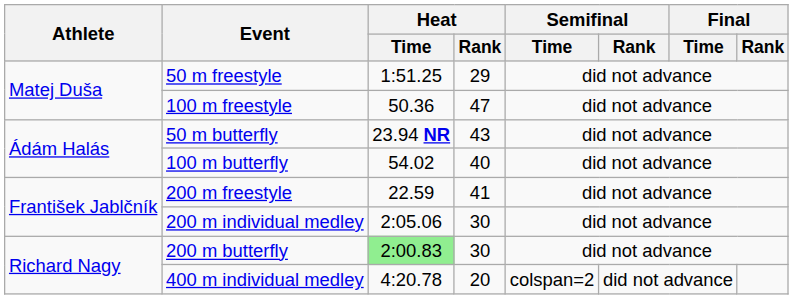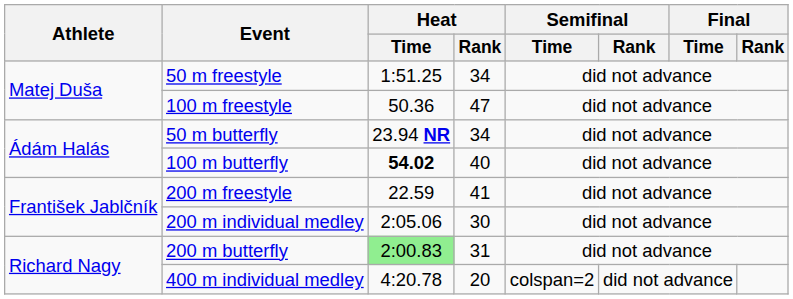 <table class=wikitable style="font-size:90%">
 <tr>
 <th rowspan="2">Athlete</th>
 <th rowspan="2">Event</th>
 <th colspan="2">Heat</th>
 <th colspan="2">Semifinal</th>
 <th colspan="2">Final</th>
 </tr>
 <tr style="font-size:95%">
 <th>Time</th>
 <th>Rank</th>
 <th>Time</th>
 <th>Rank</th>
 <th>Time</th>
 <th>Rank</th>
 </tr>
 <tr style="text-align:center">
 <td style="text-align:left" rowspan=2><a href='#'>Matej Duša</a></td>
 <td style="text-align:left"><a href='#'>50 m freestyle</a></td>
 <td>1:51.25</td>
-<td>29</td>
+<td>34</td>
 <td colspan=4>did not advance</td>
 </tr>
 <tr style="text-align:center">
 <td style="text-align:left"><a href='#'>100 m freestyle</a></td>
 <td>50.36</td>
 <td>47</td>
 <td colspan=4>did not advance</td>
 </tr>
 <tr style="text-align:center">
 <td style="text-align:left" rowspan=2><a href='#'>Ádám Halás</a></td>
 <td style="text-align:left"><a href='#'>50 m butterfly</a></td>
 <td>23.94 <strong><a href='#'>NR</a></strong></td>
-<td>43</td>
+<td>34</td>
 <td colspan=4>did not advance</td>
 </tr>
 <tr style="text-align:center">
 <td style="text-align:left"><a href='#'>100 m butterfly</a></td>
-<td>54.02</td>
+<td><strong>54.02</strong></td>
 <td>40</td>
 <td colspan=4>did not advance</td>
 </tr>
 <tr style="text-align:center">
 <td style="text-align:left" rowspan=2><a href='#'>František Jablčník</a></td>
 <td style="text-align:left"><a href='#'>200 m freestyle</a></td>
 <td>22.59</td>
 <td>41</td>
 <td colspan=4>did not advance</td>
 </tr>
 <tr style="text-align:center">
 <td style="text-align:left"><a href='#'>200 m individual medley</a></td>
 <td>2:05.06</td>
 <td>30</td>
 <td colspan=4>did not advance</td>
 </tr>
 <tr style="text-align:center">
 <td style="text-align:left" rowspan=2><a href='#'>Richard Nagy</a></td>
 <td style="text-align:left"><a href='#'>200 m butterfly</a></td>
 <td style="background: lightgreen;">2:00.83</td>
-<td>30</td>
+<td>31</td>
 <td colspan=4>did not advance</td>
 </tr>
 <tr style="text-align:center">
 <td style="text-align:left"><a href='#'>400 m individual medley</a></td>
 <td>4:20.78</td>
 <td>20</td>
 <td>colspan=2</td>
 <td colspan=2>did not advance</td>
 </tr>
 </table>
